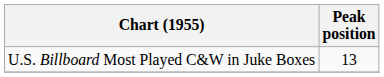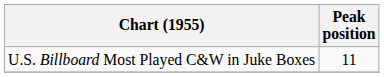 <table class="wikitable sortable">
 <tr>
 <th align="left">Chart (1955)</th>
 <th align="center">Peak<br>position</th>
 </tr>
 <tr>
 <td align="left">U.S. <em>Billboard</em> Most Played C&W in Juke Boxes</td>
-<td align="center">13</td>
+<td align="center">11</td>
 </tr>
 <tr>
 </tr>
 </table>
